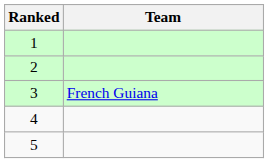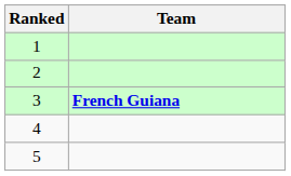 <table class="wikitable" style="text-align:center; font-size:90%">
 <tr>
 <th width=40>Ranked</th>
 <th width=180>Team</th>
 </tr>
 <tr bgcolor="ccffcc">
 <td style="text-align:center">1</td>
 <td style="text-align:left"></td>
 </tr>
 <tr bgcolor="ccffcc">
 <td style="text-align:center">2</td>
 <td style="text-align:left"></td>
 </tr>
 <tr bgcolor="ccffcc">
 <td style="text-align:center">3</td>
-<td style="text-align:left">  <a href='#'>French Guiana</a></td>
+<td style="text-align:left"><strong>  <a href='#'>French Guiana</a></strong></td>
 </tr>
 <tr>
 <td style="text-align:center">4</td>
 <td style="text-align:left"></td>
 </tr>
 <tr>
 <td style="text-align:center">5</td>
 <td style="text-align:left"></td>
 </tr>
 </table>
